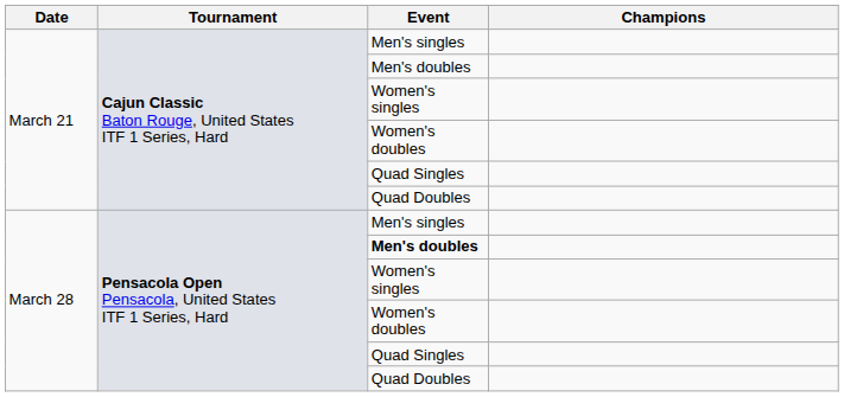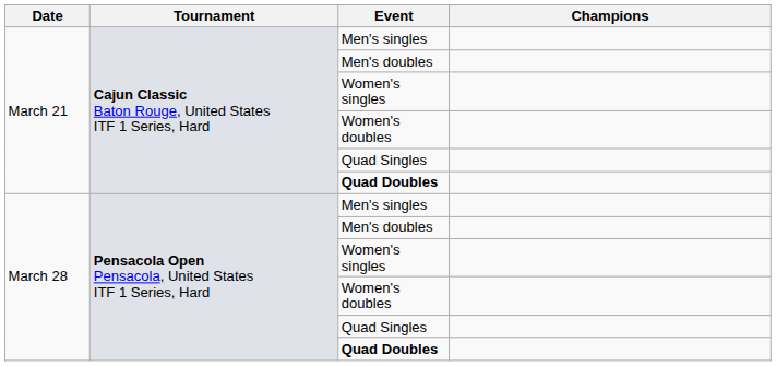 <table class=wikitable style=font-size:85%>
 <tr>
 <th width=75>Date</th>
 <th width=230>Tournament</th>
 <th width=100>Event</th>
 <th width=300>Champions</th>
 </tr>
 <tr>
 <td rowspan=6>March 21</td>
 <td bgcolor=#dfe2e9 rowspan=6><strong>Cajun Classic</strong><br> <a href='#'>Baton Rouge</a>, United States<br>ITF 1 Series, Hard</td>
 <td>Men's singles</td>
 <td></td>
 </tr>
 <tr>
 <td>Men's doubles</td>
 <td><br></td>
 </tr>
 <tr>
 <td>Women's singles</td>
 <td></td>
 </tr>
 <tr>
 <td>Women's doubles</td>
 <td><br></td>
 </tr>
 <tr>
 <td>Quad Singles</td>
 <td></td>
 </tr>
 <tr>
-<td>Quad Doubles</td>
+<td><strong>Quad Doubles</strong></td>
 <td><br></td>
 </tr>
 <tr>
 <td rowspan=6>March 28</td>
 <td bgcolor=#dfe2e9 rowspan=6><strong>Pensacola Open</strong><br> <a href='#'>Pensacola</a>, United States<br>ITF 1 Series, Hard</td>
 <td>Men's singles</td>
 <td></td>
 </tr>
 <tr>
-<td><strong>Men's doubles</strong></td>
+<td>Men's doubles</td>
 <td><br></td>
 </tr>
 <tr>
 <td>Women's singles</td>
 <td></td>
 </tr>
 <tr>
 <td>Women's doubles</td>
 <td><br></td>
 </tr>
 <tr>
 <td>Quad Singles</td>
 <td></td>
 </tr>
 <tr>
-<td>Quad Doubles</td>
+<td><strong>Quad Doubles</strong></td>
 <td><br></td>
 </tr>
 </table>
